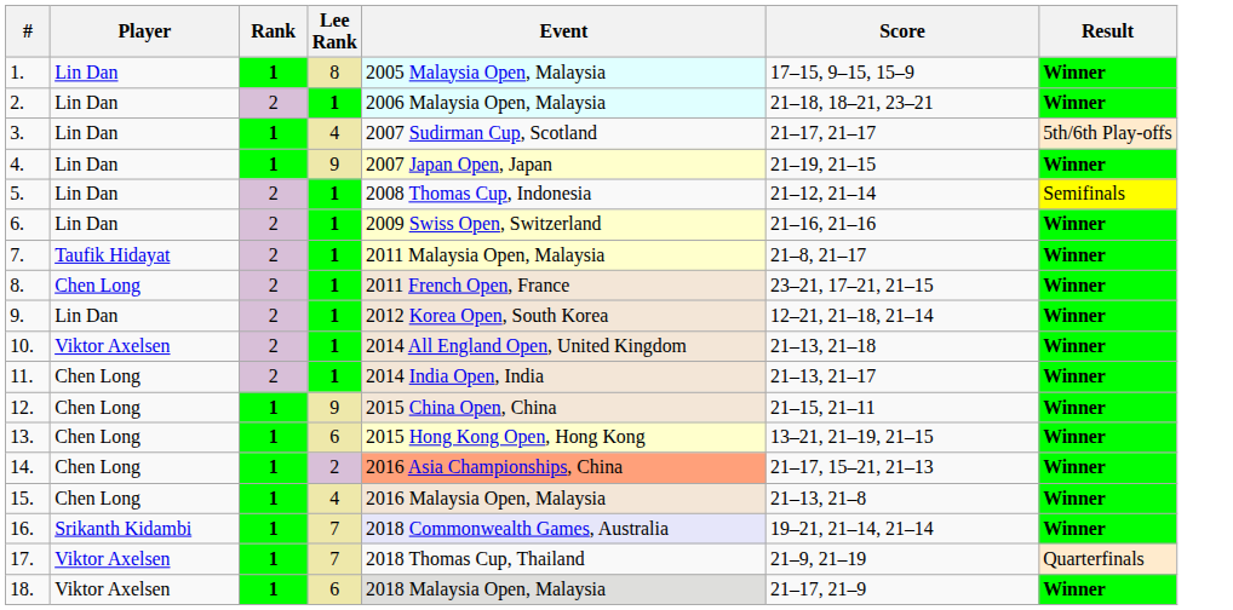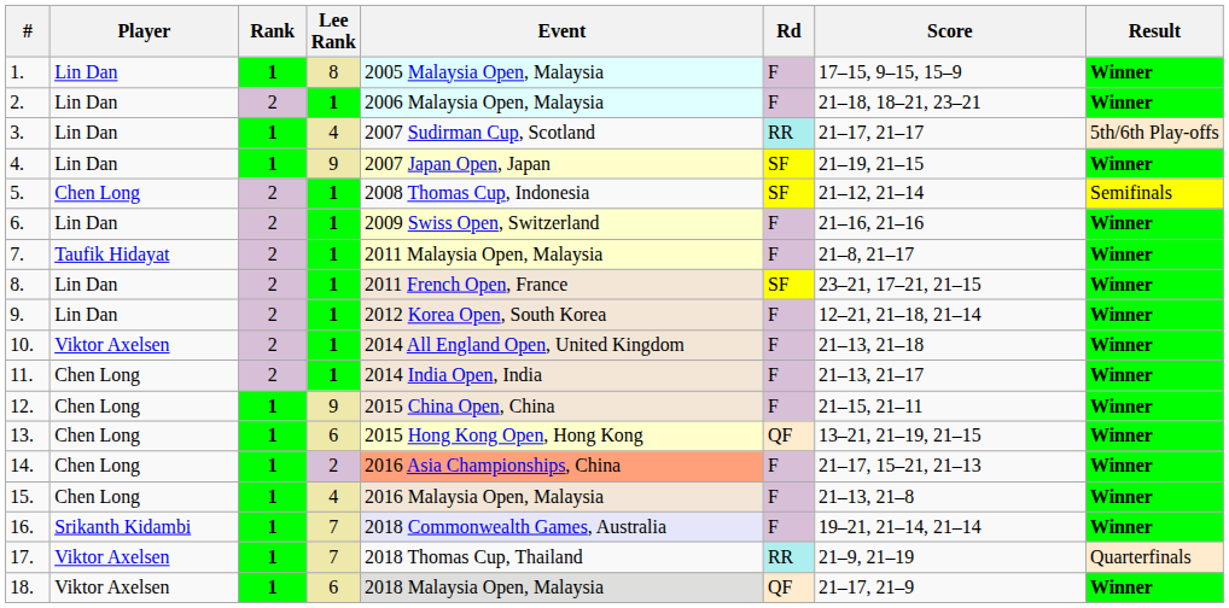 <table class="wikitable sortable">
 <tr>
 <th style="width:30px">#</th>
 <th style="width:150px">Player</th>
 <th style="width:50px">Rank</th>
 <th style="width:10px">Lee<br> Rank</th>
 <th style="width:330px">Event</th>
+<th style="width:35px">Rd</th>
 <th style="width:220px">Score</th>
 <th>Result</th>
 </tr>
 <tr>
 <td>1.</td>
 <td> <a href='#'>Lin Dan</a></td>
 <td style="text-align:center; background:lime;"><strong>1</strong></td>
 <td style="text-align:center; background:#eee8AA">8</td>
 <td bgcolor=E0FFFF>2005 <a href='#'>Malaysia Open</a>, Malaysia</td>
+<td bgcolor=d8bfd8>F</td>
 <td>17–15, 9–15, 15–9</td>
 <td bgcolor=lime><strong>Winner</strong></td>
 </tr>
 <tr>
 <td>2.</td>
 <td> Lin Dan</td>
 <td style="text-align:center; background:thistle;">2</td>
 <td style="text-align:center; background:lime;"><strong>1</strong></td>
 <td bgcolor=E0FFFF>2006 Malaysia Open, Malaysia</td>
+<td bgcolor=d8bfd8>F</td>
 <td>21–18, 18–21, 23–21</td>
 <td bgcolor=lime><strong>Winner</strong></td>
 </tr>
 <tr>
 <td>3.</td>
 <td> Lin Dan</td>
 <td style="text-align:center; background:lime;"><strong>1</strong></td>
 <td style="text-align:center; background:#eee8AA">4</td>
 <td>2007 <a href='#'>Sudirman Cup</a>, Scotland</td>
+<td bgcolor=abeeee>RR</td>
 <td>21–17, 21–17</td>
 <td bgcolor=ffebcd>5th/6th Play-offs</td>
 </tr>
 <tr>
 <td>4.</td>
 <td> Lin Dan</td>
 <td style="text-align:center; background:lime;"><strong>1</strong></td>
 <td style="text-align:center; background:#eee8AA">9</td>
 <td bgcolor=ffffcc>2007 <a href='#'>Japan Open</a>, Japan</td>
+<td bgcolor=yellow>SF</td>
 <td>21–19, 21–15</td>
 <td bgcolor=lime><strong>Winner</strong></td>
 </tr>
 <tr>
 <td>5.</td>
-<td> Lin Dan</td>
+<td> <a href='#'>Chen Long</a></td>
 <td style="text-align:center; background:thistle;">2</td>
 <td style="text-align:center; background:lime;"><strong>1</strong></td>
 <td>2008 <a href='#'>Thomas Cup</a>, Indonesia</td>
+<td bgcolor=yellow>SF</td>
 <td>21–12, 21–14</td>
 <td bgcolor=yellow>Semifinals</td>
 </tr>
 <tr>
 <td>6.</td>
 <td> Lin Dan</td>
 <td style="text-align:center; background:thistle;">2</td>
 <td style="text-align:center; background:lime;"><strong>1</strong></td>
 <td bgcolor=ffffcc>2009 <a href='#'>Swiss Open</a>, Switzerland</td>
+<td bgcolor=d8bfd8>F</td>
 <td>21–16, 21–16</td>
 <td bgcolor=lime><strong>Winner</strong></td>
 </tr>
 <tr>
 <td>7.</td>
 <td> <a href='#'>Taufik Hidayat</a></td>
 <td style="text-align:center; background:thistle;">2</td>
 <td style="text-align:center; background:lime;"><strong>1</strong></td>
 <td bgcolor=ffffcc>2011 Malaysia Open, Malaysia</td>
+<td bgcolor=d8bfd8>F</td>
 <td>21–8, 21–17</td>
 <td bgcolor=lime><strong>Winner</strong></td>
 </tr>
 <tr>
 <td>8.</td>
-<td> <a href='#'>Chen Long</a></td>
+<td> Lin Dan</td>
 <td style="text-align:center; background:thistle;">2</td>
 <td style="text-align:center; background:lime;"><strong>1</strong></td>
 <td bgcolor=f3e6d7>2011 <a href='#'>French Open</a>, France</td>
+<td bgcolor=yellow>SF</td>
 <td>23–21, 17–21, 21–15</td>
 <td bgcolor=lime><strong>Winner</strong></td>
 </tr>
 <tr>
 <td>9.</td>
 <td> Lin Dan</td>
 <td style="text-align:center; background:thistle;">2</td>
 <td style="text-align:center; background:lime;"><strong>1</strong></td>
 <td bgcolor=f3e6d7>2012 <a href='#'>Korea Open</a>, South Korea</td>
+<td bgcolor=d8bfd8>F</td>
 <td>12–21, 21–18, 21–14</td>
 <td bgcolor=lime><strong>Winner</strong></td>
 </tr>
 <tr>
 <td>10.</td>
 <td> <a href='#'>Viktor Axelsen</a></td>
 <td style="text-align:center; background:thistle;">2</td>
 <td style="text-align:center; background:lime;"><strong>1</strong></td>
 <td bgcolor=f3e6d7>2014 <a href='#'>All England Open</a>, United Kingdom</td>
+<td bgcolor=d8bfd8>F</td>
 <td>21–13, 21–18</td>
 <td bgcolor=lime><strong>Winner</strong></td>
 </tr>
 <tr>
 <td>11.</td>
 <td> Chen Long</td>
 <td style="text-align:center; background:thistle;">2</td>
 <td style="text-align:center; background:lime;"><strong>1</strong></td>
 <td bgcolor=f3e6d7>2014 <a href='#'>India Open</a>, India</td>
+<td bgcolor=d8bfd8>F</td>
 <td>21–13, 21–17</td>
 <td bgcolor=lime><strong>Winner</strong></td>
 </tr>
 <tr>
 <td>12.</td>
 <td> Chen Long</td>
 <td style="text-align:center; background:lime;"><strong>1</strong></td>
 <td style="text-align:center; background:#eee8AA">9</td>
 <td bgcolor=f3e6d7>2015 <a href='#'>China Open</a>, China</td>
+<td bgcolor=d8bfd8>F</td>
 <td>21–15, 21–11</td>
 <td bgcolor=lime><strong>Winner</strong></td>
 </tr>
 <tr>
 <td>13.</td>
 <td> Chen Long</td>
 <td style="text-align:center; background:lime;"><strong>1</strong></td>
 <td style="text-align:center; background:#eee8AA">6</td>
 <td bgcolor=ffffcc>2015 <a href='#'>Hong Kong Open</a>, Hong Kong</td>
+<td bgcolor=ffebcd>QF</td>
 <td>13–21, 21–19, 21–15</td>
 <td bgcolor=lime><strong>Winner</strong></td>
 </tr>
 <tr>
 <td>14.</td>
 <td> Chen Long</td>
 <td style="text-align:center; background:lime;"><strong>1</strong></td>
 <td style="text-align:center; background:thistle;">2</td>
 <td bgcolor=FFA07A>2016 <a href='#'>Asia Championships</a>, China</td>
+<td bgcolor=d8bfd8>F</td>
 <td>21–17, 15–21, 21–13</td>
 <td bgcolor=lime><strong>Winner</strong></td>
 </tr>
 <tr>
 <td>15.</td>
 <td> Chen Long</td>
 <td style="text-align:center; background:lime;"><strong>1</strong></td>
 <td style="text-align:center; background:#eee8AA">4</td>
 <td bgcolor=f3e6d7>2016 Malaysia Open, Malaysia</td>
+<td bgcolor=d8bfd8>F</td>
 <td>21–13, 21–8</td>
 <td bgcolor=lime><strong>Winner</strong></td>
 </tr>
 <tr>
 <td>16.</td>
 <td> <a href='#'>Srikanth Kidambi</a></td>
 <td style="text-align:center; background:lime;"><strong>1</strong></td>
 <td style="text-align:center; background:#eee8AA">7</td>
 <td bgcolor=E6E6FA>2018 <a href='#'>Commonwealth Games</a>, Australia</td>
+<td bgcolor=d8bfd8>F</td>
 <td>19–21, 21–14, 21–14</td>
 <td bgcolor=lime><strong>Winner</strong></td>
 </tr>
 <tr>
 <td>17.</td>
 <td> <a href='#'>Viktor Axelsen</a></td>
 <td style="text-align:center; background:lime;"><strong>1</strong></td>
 <td style="text-align:center; background:#eee8AA">7</td>
 <td>2018 Thomas Cup, Thailand</td>
+<td bgcolor=afeeee>RR</td>
 <td>21–9, 21–19</td>
 <td bgcolor=ffebcd>Quarterfinals</td>
 </tr>
 <tr>
 <td>18.</td>
 <td> Viktor Axelsen</td>
 <td style="text-align:center; background:lime;"><strong>1</strong></td>
 <td style="text-align:center; background:#eee8AA">6</td>
 <td bgcolor=DEDEDC>2018 Malaysia Open, Malaysia</td>
+<td bgcolor=ffebcd>QF</td>
 <td>21–17, 21–9</td>
 <td bgcolor=lime><strong>Winner</strong></td>
 </tr>
 </table>
